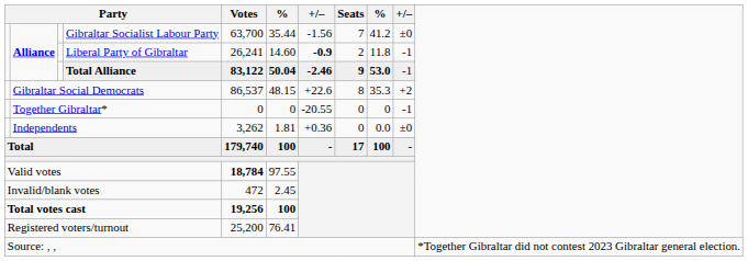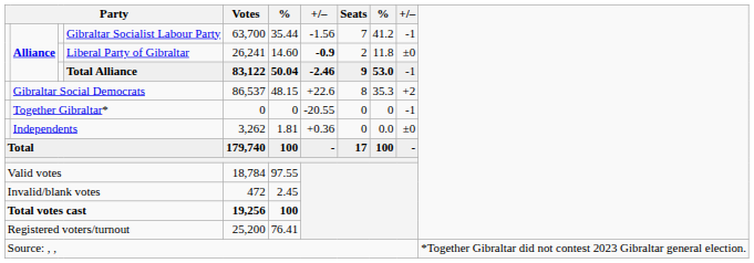 <table class=wikitable style=text-align:right>
 <tr>
 <th colspan=4>Party</th>
 <th>Votes</th>
 <th>%</th>
 <th>+/–</th>
 <th>Seats</th>
 <th>%</th>
 <th>+/–</th>
 </tr>
 <tr>
 <td rowspan="3"></td>
 <td colspan="1" style="text-align:left;" rowspan="3"><a href='#'><strong>Alliance</strong></a></td>
 <td></td>
 <td align=left><a href='#'>Gibraltar Socialist Labour Party</a></td>
 <td>63,700</td>
 <td>35.44</td>
 <td>-1.56</td>
 <td>7</td>
 <td>41.2</td>
-<td>±0</td>
+<td>-1</td>
 </tr>
 <tr>
 <td></td>
 <td align=left><a href='#'>Liberal Party of Gibraltar</a></td>
 <td>26,241</td>
 <td>14.60</td>
 <td><strong>-0.9</strong></td>
 <td>2</td>
 <td>11.8</td>
-<td>-1</td>
+<td>±0</td>
 </tr>
 <tr>
 <td rowspan="1"></td>
 <td align=left bgcolor=#efefef colspan=1><strong>Total Alliance</strong></td>
 <td align=right bgcolor=#efefef colspan=1><strong>83,122</strong></td>
 <td align=right bgcolor=#efefef colspan=1><strong>50.04</strong></td>
 <td align=right bgcolor=#efefef colspan=1><strong>-2.46</strong></td>
 <td align=right bgcolor=#efefef colspan=1><strong>9</strong></td>
 <td colspan="1" align="right" bgcolor="#efefef"><strong>53.0</strong></td>
 <td align=right bgcolor=#efefef colspan=1>-1</td>
 </tr>
 <tr>
 <td></td>
 <td colspan="3" align=left><a href='#'>Gibraltar Social Democrats</a></td>
 <td>86,537</td>
 <td>48.15</td>
 <td>+22.6</td>
 <td>8</td>
 <td>35.3</td>
 <td>+2</td>
 </tr>
 <tr>
 <td></td>
 <td colspan="3" align=left><a href='#'>Together Gibraltar</a>*</td>
 <td>0</td>
 <td>0</td>
 <td>-20.55</td>
 <td>0</td>
 <td>0</td>
 <td>-1</td>
 </tr>
 <tr>
 <td></td>
 <td colspan="3" align=left><a href='#'>Independents</a></td>
 <td>3,262</td>
 <td>1.81</td>
 <td>+0.36</td>
 <td>0</td>
 <td>0.0</td>
 <td>±0</td>
 </tr>
 <tr>
 <td align=left bgcolor=#efefef colspan=4><strong>Total</strong></td>
 <td align=right bgcolor=#efefef colspan=1><strong>179,740</strong></td>
 <td align=right bgcolor=#efefef colspan=1><strong>100</strong></td>
 <td align=right bgcolor=#efefef colspan=1><strong>-</strong></td>
 <td align=right bgcolor=#efefef colspan=1><strong>17</strong></td>
 <td align=right bgcolor=#efefef colspan=1><strong>100</strong></td>
 <td align=right bgcolor=#efefef colspan=1><strong>-</strong></td>
 </tr>
 <tr>
 <th colspan=10></th>
 </tr>
 <tr>
 <td align=left colspan=4>Valid votes</td>
-<td><strong>18,784</strong></td>
+<td>18,784</td>
 <td>97.55</td>
 <td colspan="4" rowspan="4" bgcolor="#F4F4F4"></td>
 </tr>
 <tr>
 <td align=left colspan=4>Invalid/blank votes</td>
 <td>472</td>
 <td>2.45</td>
 </tr>
 <tr>
 <td align=left colspan=4><strong>Total votes cast</strong></td>
 <td><strong>19,256</strong></td>
 <td><strong>100</strong></td>
 </tr>
 <tr>
 <td align=left colspan=4>Registered voters/turnout</td>
 <td>25,200</td>
 <td>76.41</td>
 </tr>
 <tr>
 <td align=left colspan=10>Source:  ,  , </td>
 <td>*Together Gibraltar did not contest 2023 Gibraltar general election.</td>
 </tr>
 </table>
